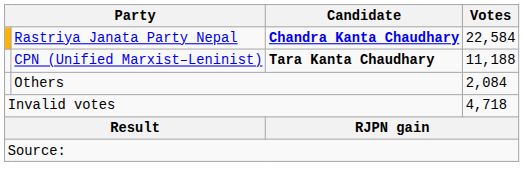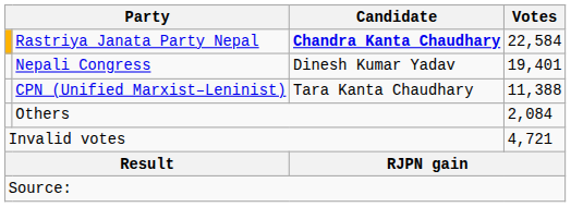 <table class="wikitable">
 <tr>
 <th colspan="2">Party</th>
 <th>Candidate</th>
 <th>Votes</th>
 </tr>
 <tr>
 <td style="background-color:#ffb300"></td>
 <td><a href='#'>Rastriya Janata Party Nepal</a></td>
 <td><strong><a href='#'>Chandra Kanta Chaudhary</a></strong></td>
 <td>22,584</td>
 </tr>
 <tr>
 <td style="background-color:"></td>
+<td><a href='#'>Nepali Congress</a></td>
+<td>Dinesh Kumar Yadav</td>
+<td>19,401</td>
+</tr>
+<tr>
+<td style="background-color:"></td>
 <td><a href='#'>CPN (Unified Marxist–Leninist)</a></td>
-<td><strong>Tara Kanta Chaudhary</strong></td>
-<td>11,188</td>
+<td>Tara Kanta Chaudhary</td>
+<td>11,388</td>
 </tr>
 <tr>
 <td></td>
 <td colspan="2">Others</td>
 <td>2,084</td>
 </tr>
 <tr>
 <td colspan="3">Invalid votes</td>
-<td>4,718</td>
+<td>4,721</td>
 </tr>
 <tr>
 <th colspan="2">Result</th>
 <th colspan="2">RJPN gain</th>
 </tr>
 <tr>
 <td colspan="4">Source: </td>
 </tr>
 </table>
